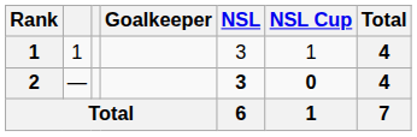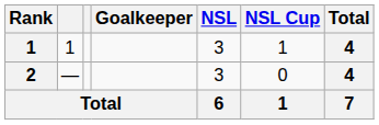 <table class="wikitable sortable" style="text-align:center">
 <tr>
 <th>Rank</th>
 <th></th>
 <th></th>
 <th>Goalkeeper</th>
 <th><a href='#'>NSL</a></th>
 <th><a href='#'>NSL Cup</a></th>
 <th>Total</th>
 </tr>
 <tr>
 <th>1</th>
 <td>1</td>
 <td></td>
 <td align="left"></td>
 <td>3</td>
 <td>1</td>
 <th>4</th>
 </tr>
 <tr>
 <th>2</th>
 <td>—</td>
 <td></td>
 <td align="left"></td>
-<td><strong>3</strong></td>
-<td><strong>0</strong></td>
+<td>3</td>
+<td>0</td>
 <th>4</th>
 </tr>
 <tr>
 <th colspan="4">Total</th>
 <th>6</th>
 <th>1</th>
 <th>7</th>
 </tr>
 </table>
